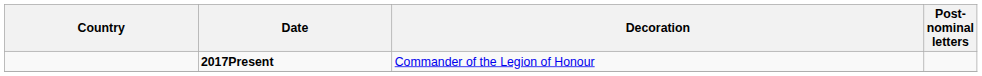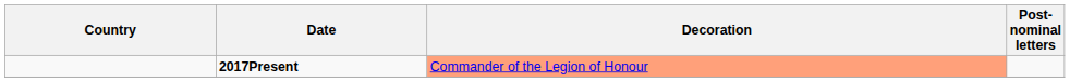 <table class="wikitable" style="width:100%;">
 <tr>
 <th style="width:20%;">Country</th>
 <th style="width:20%;">Date</th>
 <th style="width:55%;">Decoration</th>
 <th style="width:5%;">Post-nominal letters</th>
 </tr>
 <tr>
 <td></td>
 <td><strong>2017Present</strong></td>
-<td><a href='#'>Commander of the Legion of Honour</a></td>
+<td style="background: lightsalmon;"><a href='#'>Commander of the Legion of Honour</a></td>
 <td></td>
 </tr>
 <tr>
 </tr>
 </table>
